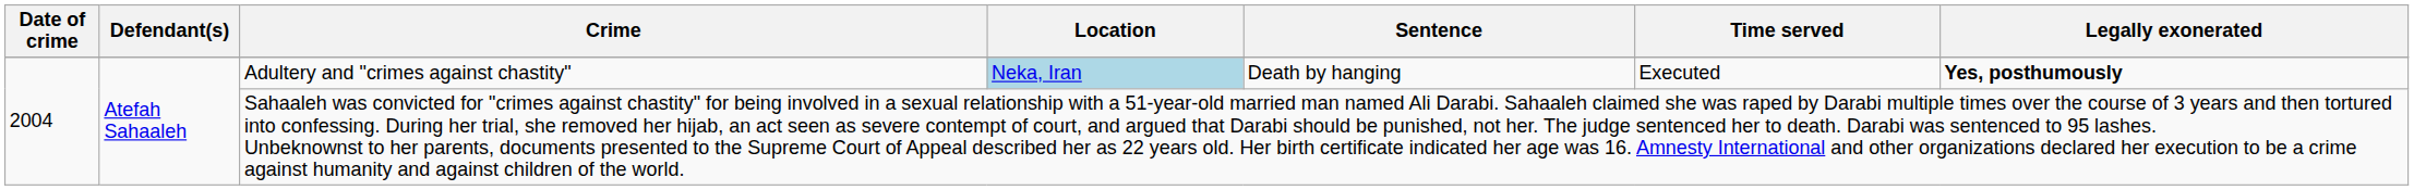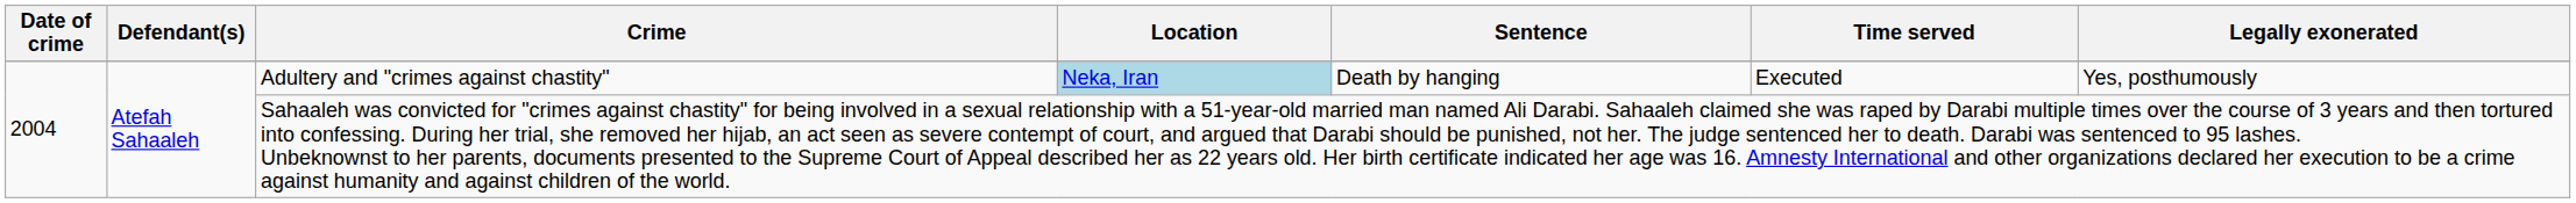 <table class="wikitable sortable">
 <tr>
 <th>Date of crime</th>
 <th>Defendant(s)</th>
 <th>Crime</th>
 <th>Location</th>
 <th>Sentence</th>
 <th>Time served</th>
 <th>Legally exonerated</th>
 </tr>
 <tr>
 </tr>
 <tr ->
 <td rowspan="2">2004</td>
 <td rowspan="2"><a href='#'>Atefah Sahaaleh</a></td>
 <td>Adultery and "crimes against chastity"</td>
 <td style="background: lightblue;"><a href='#'>Neka, Iran</a></td>
 <td>Death by hanging</td>
 <td>Executed</td>
-<td><strong>Yes, posthumously</strong></td>
+<td>Yes, posthumously</td>
 </tr>
 <tr>
 <td colspan=5>Sahaaleh was convicted for "crimes against chastity" for being involved in a sexual relationship with a 51-year-old married man named Ali Darabi. Sahaaleh claimed she was raped by Darabi multiple times over the course of 3 years and then tortured into confessing. During her trial, she removed her hijab, an act seen as severe contempt of court, and argued that Darabi should be punished, not her. The judge sentenced her to death. Darabi was sentenced to 95 lashes.<br>Unbeknownst to her parents, documents presented to the Supreme Court of Appeal described her as 22 years old. Her birth certificate indicated her age was 16. <a href='#'>Amnesty International</a> and other organizations declared her execution to be a crime against humanity and against children of the world.</td>
 </tr>
 </table>
